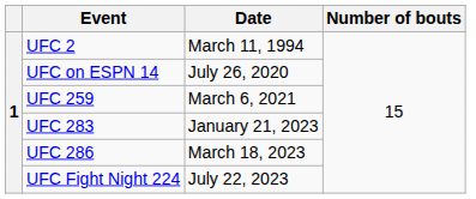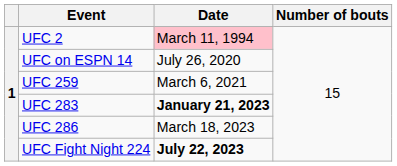 <table class=wikitable>
 <tr>
 <th></th>
 <th>Event</th>
 <th>Date</th>
 <th>Number of bouts</th>
 </tr>
 <tr>
 <th rowspan=6>1</th>
 <td><a href='#'>UFC 2</a></td>
-<td>March 11, 1994</td>
+<td style="background: pink;">March 11, 1994</td>
 <td rowspan=6 align=center>15</td>
 </tr>
 <tr>
 <td><a href='#'>UFC on ESPN 14</a></td>
 <td>July 26, 2020</td>
 </tr>
 <tr>
 <td><a href='#'>UFC 259</a></td>
 <td>March 6, 2021</td>
 </tr>
 <tr>
 <td><a href='#'>UFC 283</a></td>
-<td>January 21, 2023</td>
+<td><strong>January 21, 2023</strong></td>
 </tr>
 <tr>
 <td><a href='#'>UFC 286</a></td>
 <td>March 18, 2023</td>
 </tr>
 <tr>
 <td><a href='#'>UFC Fight Night 224</a></td>
-<td>July 22, 2023</td>
+<td><strong>July 22, 2023</strong></td>
 </tr>
 </table>
